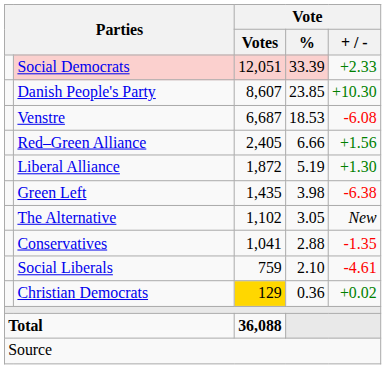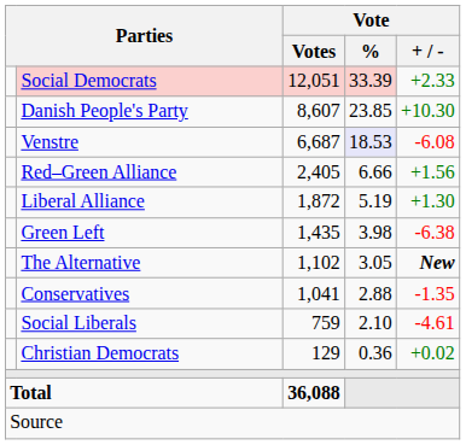 <table class="wikitable" style="text-align:right;">
 <tr>
 <th style="text-align:centre;" rowspan="2" colspan="2" width="225">Parties</th>
 <th colspan="3">Vote</th>
 </tr>
 <tr>
 <th width="15">Votes</th>
 <th width="15">%</th>
 <th width="15">+ / -</th>
 </tr>
 <tr>
 <td width="2" style="color:inherit;background:"></td>
 <td bgcolor=#fbd0ce  align="left"><a href='#'>Social Democrats</a></td>
 <td bgcolor=#fbd0ce>12,051</td>
 <td bgcolor=#fbd0ce>33.39</td>
 <td style=color:green;>+2.33</td>
 </tr>
 <tr>
 <td width="2" style="color:inherit;background:"></td>
 <td align="left"><a href='#'>Danish People's Party</a></td>
 <td>8,607</td>
 <td>23.85</td>
 <td style=color:green;>+10.30</td>
 </tr>
 <tr>
 <td width="2" style="color:inherit;background:"></td>
 <td align="left"><a href='#'>Venstre</a></td>
 <td>6,687</td>
-<td>18.53</td>
+<td style="background: lavender;">18.53</td>
 <td style=color:red;>-6.08</td>
 </tr>
 <tr>
 <td width="2" style="color:inherit;background:"></td>
 <td align="left"><a href='#'>Red–Green Alliance</a></td>
 <td>2,405</td>
 <td>6.66</td>
 <td style=color:green;>+1.56</td>
 </tr>
 <tr>
 <td width="2" style="color:inherit;background:"></td>
 <td align="left"><a href='#'>Liberal Alliance</a></td>
 <td>1,872</td>
 <td>5.19</td>
 <td style=color:green;>+1.30</td>
 </tr>
 <tr>
 <td width="2" style="color:inherit;background:"></td>
 <td align="left"><a href='#'>Green Left</a></td>
 <td>1,435</td>
 <td>3.98</td>
 <td style=color:red;>-6.38</td>
 </tr>
 <tr>
 <td width="2" style="color:inherit;background:"></td>
 <td align="left"><a href='#'>The Alternative</a></td>
 <td>1,102</td>
 <td>3.05</td>
-<td><em>New</em></td>
+<td><strong><em>New</em></strong></td>
 </tr>
 <tr>
 <td width="2" style="color:inherit;background:"></td>
 <td align="left"><a href='#'>Conservatives</a></td>
 <td>1,041</td>
 <td>2.88</td>
 <td style=color:red;>-1.35</td>
 </tr>
 <tr>
 <td width="2" style="color:inherit;background:"></td>
 <td align="left"><a href='#'>Social Liberals</a></td>
 <td>759</td>
 <td>2.10</td>
 <td style=color:red;>-4.61</td>
 </tr>
 <tr>
 <td width="2" style="color:inherit;background:"></td>
 <td align="left"><a href='#'>Christian Democrats</a></td>
-<td style="background: gold;">129</td>
+<td>129</td>
 <td>0.36</td>
 <td style=color:green;>+0.02</td>
 </tr>
 <tr>
 <td colspan="7" bgcolor="#E9E9E9"></td>
 </tr>
 <tr>
 <td align="left" colspan="2"><strong>Total</strong></td>
 <td><strong>36,088</strong></td>
 <td bgcolor="#E9E9E9" colspan="2"></td>
 </tr>
 <tr>
 <td align="left" colspan="6">Source</td>
 </tr>
 </table>
